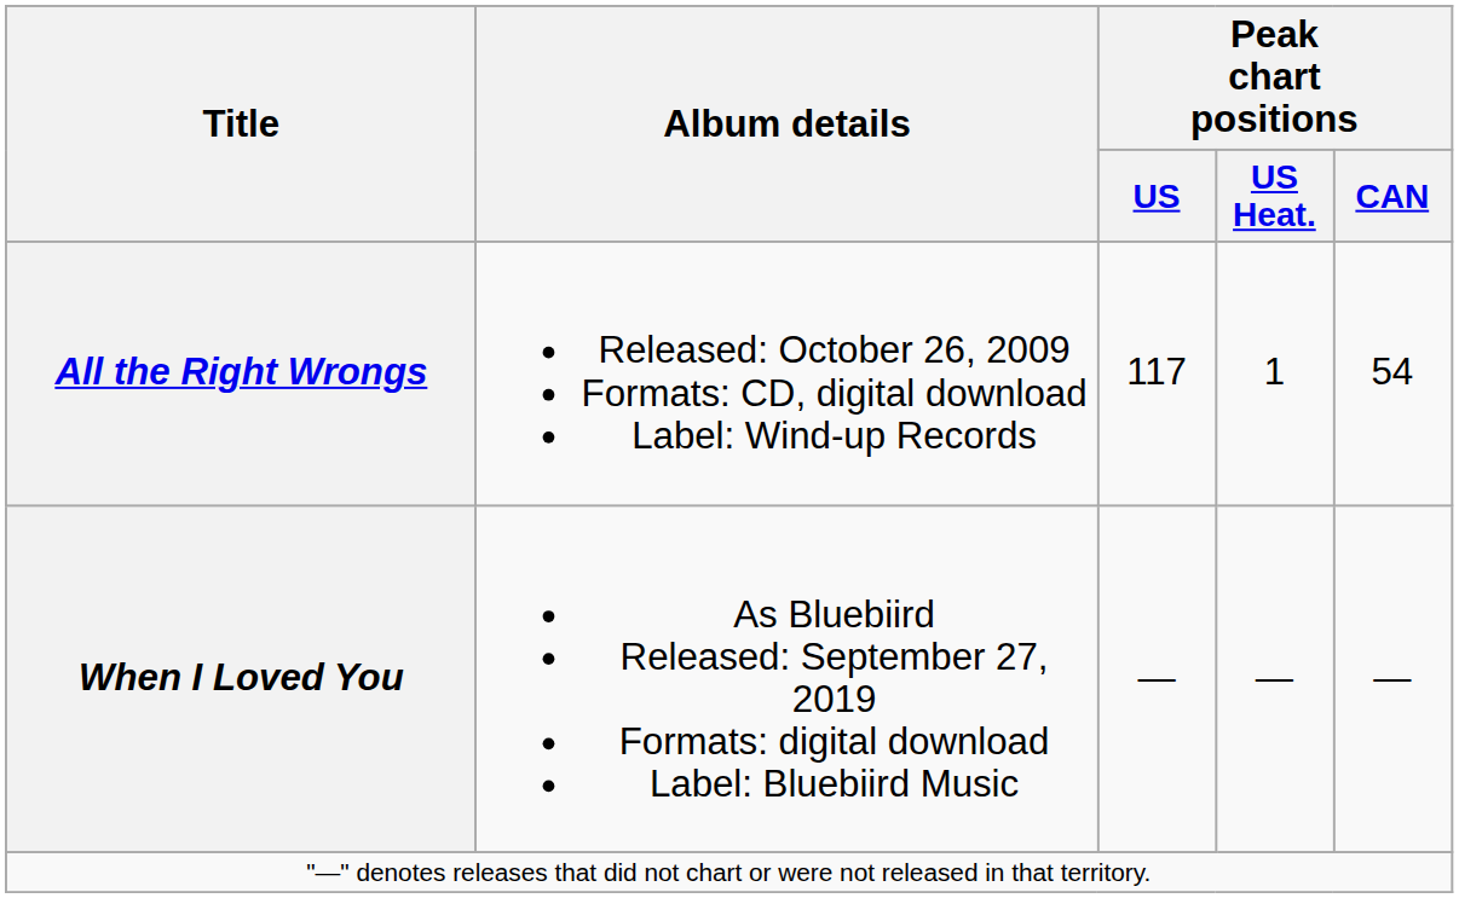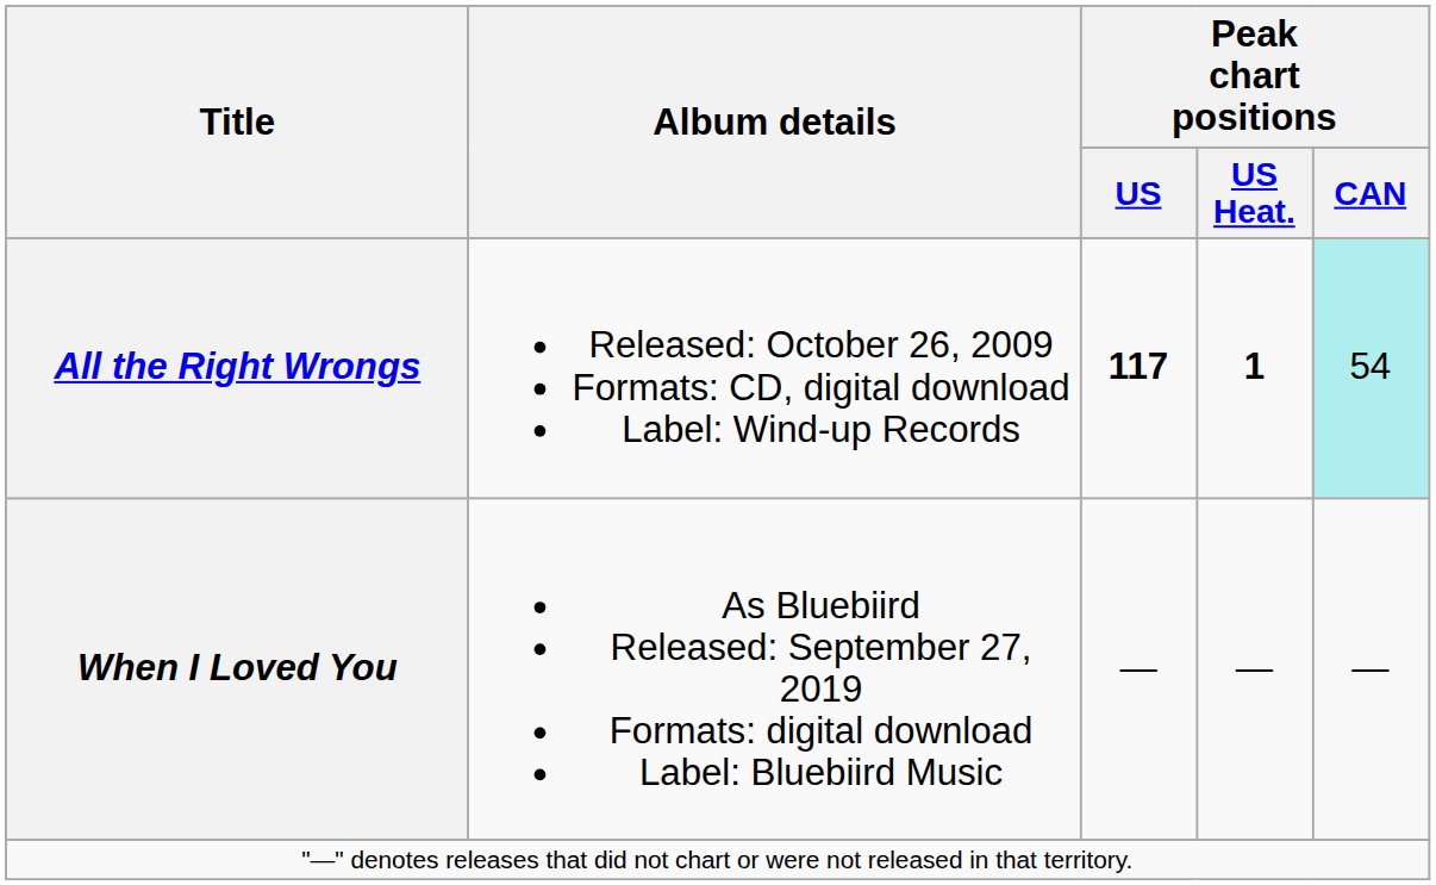 <table class="wikitable plainrowheaders" style="text-align:center;">
 <tr>
 <th scope="col" rowspan="2" style="width:12em;">Title</th>
 <th scope="col" rowspan="2" style="width:16em;">Album details</th>
 <th scope="col" colspan="4">Peak<br>chart<br>positions</th>
 </tr>
 <tr>
 <th scope="col" style="width:3em;font-size:90%;"><a href='#'>US</a><br></th>
 <th scope="col" style="width:3em;font-size:90%;"><a href='#'>US<br>Heat.</a><br></th>
 <th scope="col" style="width:3em;font-size:90%;"><a href='#'>CAN</a><br></th>
 </tr>
 <tr>
 <th scope="row"><em><a href='#'>All the Right Wrongs</a></em></th>
 <td><br><ul><li>Released: October 26, 2009</li><li>Formats: CD, digital download</li><li>Label: Wind-up Records</li></ul></td>
-<td>117</td>
-<td>1</td>
-<td>54</td>
+<td><strong>117</strong></td>
+<td><strong>1</strong></td>
+<td style="background: paleturquoise;">54</td>
 </tr>
 <tr>
 <th scope="row"><em>When I Loved You</em></th>
 <td><br><ul><li>As Bluebiird</li><li>Released: September 27, 2019</li><li>Formats: digital download</li><li>Label: Bluebiird Music</li></ul></td>
 <td>—</td>
 <td>—</td>
 <td>—</td>
 </tr>
 <tr>
 <td align="center" colspan="14" style="font-size:8pt">"—" denotes releases that did not chart or were not released in that territory.</td>
 </tr>
 </table>
